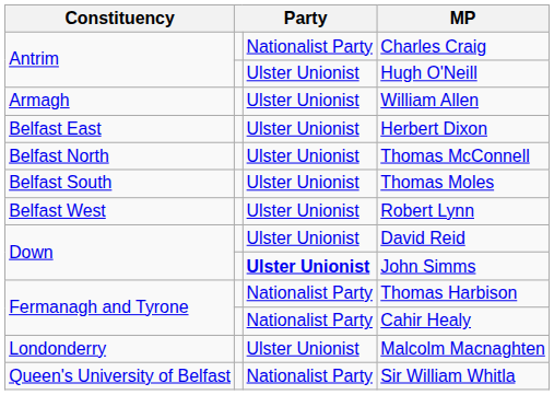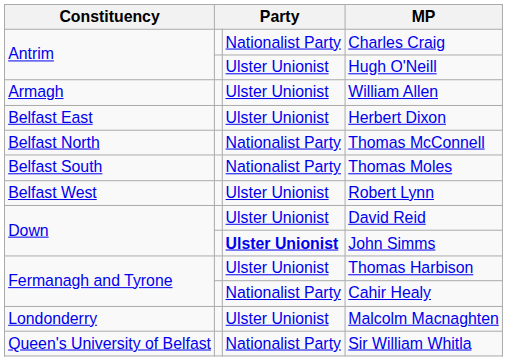 <table class=wikitable>
 <tr>
 <th>Constituency</th>
 <th colspan=2>Party</th>
 <th>MP</th>
 </tr>
 <tr>
 <td rowspan=2><a href='#'>Antrim</a></td>
 <td style="color:inherit;background-color: "></td>
 <td><a href='#'>Nationalist Party</a></td>
 <td><a href='#'>Charles Craig</a></td>
 </tr>
 <tr>
 <td style="color:inherit;background-color: "></td>
 <td><a href='#'>Ulster Unionist</a></td>
 <td><a href='#'>Hugh O'Neill</a></td>
 </tr>
 <tr>
 <td><a href='#'>Armagh</a></td>
 <td style="color:inherit;background-color: "></td>
 <td><a href='#'>Ulster Unionist</a></td>
 <td><a href='#'>William Allen</a></td>
 </tr>
 <tr>
 <td><a href='#'>Belfast East</a></td>
 <td style="color:inherit;background-color: "></td>
 <td><a href='#'>Ulster Unionist</a></td>
 <td><a href='#'>Herbert Dixon</a></td>
 </tr>
 <tr>
 <td><a href='#'>Belfast North</a></td>
 <td style="color:inherit;background-color: "></td>
-<td><a href='#'>Ulster Unionist</a></td>
+<td><a href='#'>Nationalist Party</a></td>
 <td><a href='#'>Thomas McConnell</a></td>
 </tr>
 <tr>
 <td><a href='#'>Belfast South</a></td>
 <td style="color:inherit;background-color: "></td>
-<td><a href='#'>Ulster Unionist</a></td>
+<td><a href='#'>Nationalist Party</a></td>
 <td><a href='#'>Thomas Moles</a></td>
 </tr>
 <tr>
 <td><a href='#'>Belfast West</a></td>
 <td style="color:inherit;background-color: "></td>
 <td><a href='#'>Ulster Unionist</a></td>
 <td><a href='#'>Robert Lynn</a></td>
 </tr>
 <tr>
 <td rowspan=2><a href='#'>Down</a></td>
 <td style="color:inherit;background-color: "></td>
 <td><a href='#'>Ulster Unionist</a></td>
 <td><a href='#'>David Reid</a></td>
 </tr>
 <tr>
 <td style="color:inherit;background-color: "></td>
 <td><strong><a href='#'>Ulster Unionist</a></strong></td>
 <td><a href='#'>John Simms</a></td>
 </tr>
 <tr>
 <td rowspan=2><a href='#'>Fermanagh and Tyrone</a></td>
 <td style="color:inherit;background-color: "></td>
-<td><a href='#'>Nationalist Party</a></td>
+<td><a href='#'>Ulster Unionist</a></td>
 <td><a href='#'>Thomas Harbison</a></td>
 </tr>
 <tr>
 <td style="color:inherit;background-color: "></td>
 <td><a href='#'>Nationalist Party</a></td>
 <td><a href='#'>Cahir Healy</a></td>
 </tr>
 <tr>
 <td><a href='#'>Londonderry</a></td>
 <td style="color:inherit;background-color: "></td>
 <td><a href='#'>Ulster Unionist</a></td>
 <td><a href='#'>Malcolm Macnaghten</a></td>
 </tr>
 <tr>
 <td><a href='#'>Queen's University of Belfast</a></td>
 <td style="color:inherit;background-color: "></td>
 <td><a href='#'>Nationalist Party</a></td>
 <td><a href='#'>Sir William Whitla</a></td>
 </tr>
 </table>
